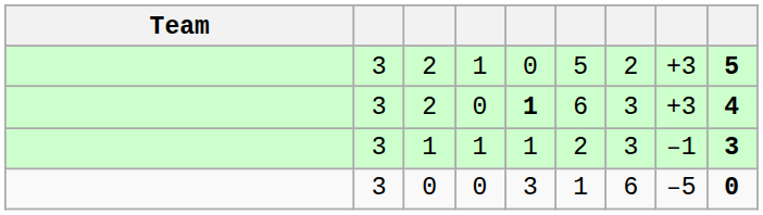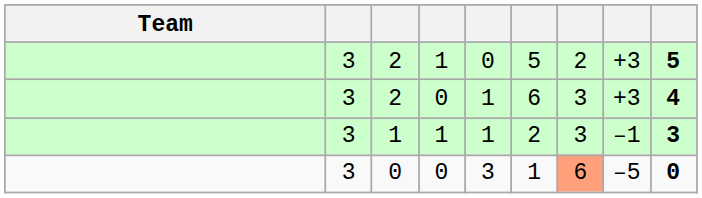 <table class="wikitable" style="text-align:center">
 <tr>
 <th width="175">Team</th>
 <th width="20"></th>
 <th width="20"></th>
 <th width="20"></th>
 <th width="20"></th>
 <th width="20"></th>
 <th width="20"></th>
 <th width="20"></th>
 <th width="20"></th>
 </tr>
 <tr bgcolor="#ccffcc">
 <td align="left"></td>
 <td>3</td>
 <td>2</td>
 <td>1</td>
 <td>0</td>
 <td>5</td>
 <td>2</td>
 <td>+3</td>
 <td><strong>5</strong></td>
 </tr>
 <tr bgcolor="#ccffcc">
 <td align="left"></td>
 <td>3</td>
 <td>2</td>
 <td>0</td>
-<td><strong>1</strong></td>
+<td>1</td>
 <td>6</td>
 <td>3</td>
 <td>+3</td>
 <td><strong>4</strong></td>
 </tr>
 <tr bgcolor="#ccffcc">
 <td align="left"></td>
 <td>3</td>
 <td>1</td>
 <td>1</td>
 <td>1</td>
 <td>2</td>
 <td>3</td>
 <td>–1</td>
 <td><strong>3</strong></td>
 </tr>
 <tr>
 <td align="left"></td>
 <td>3</td>
 <td>0</td>
 <td>0</td>
 <td>3</td>
 <td>1</td>
-<td>6</td>
+<td style="background: lightsalmon;">6</td>
 <td>–5</td>
 <td><strong>0</strong></td>
 </tr>
 </table>
